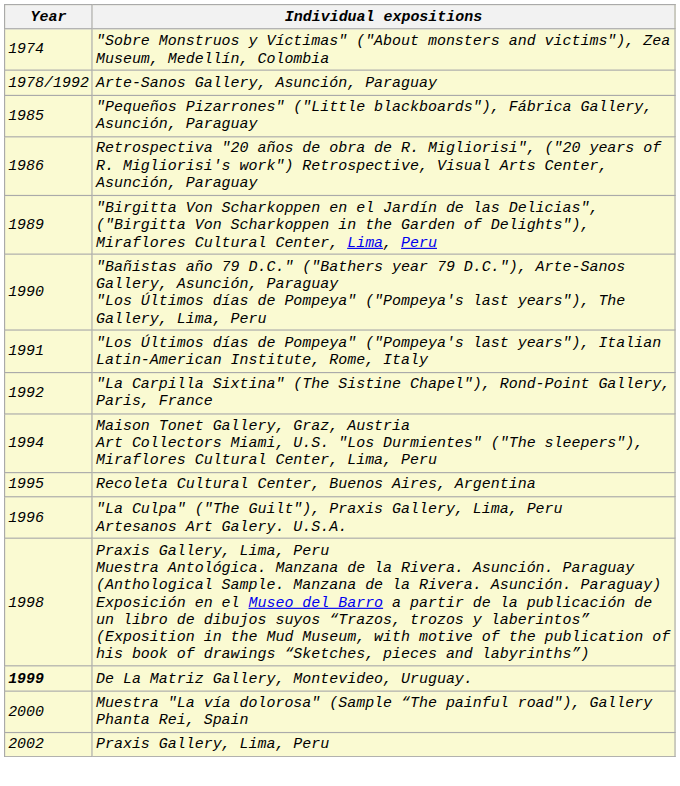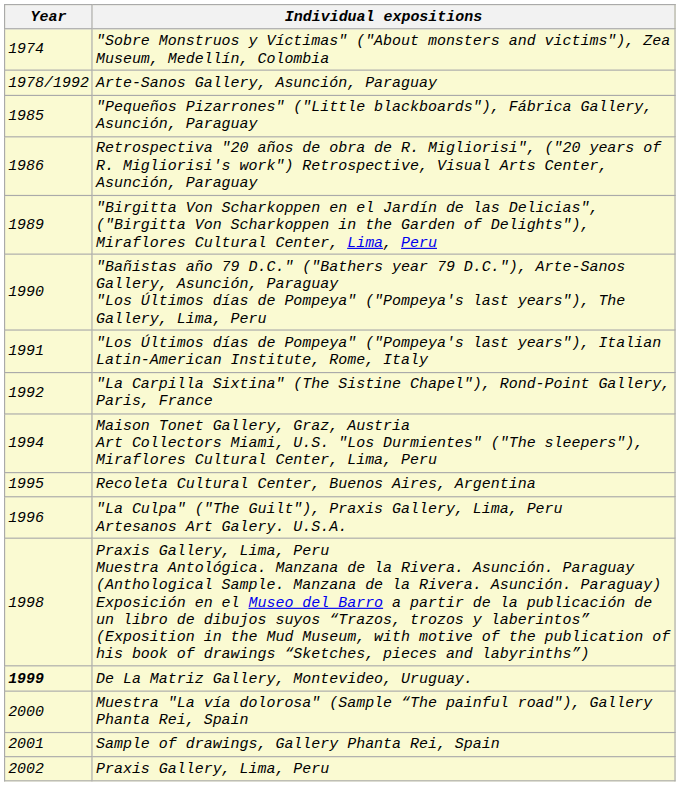 <table class="wikitable sortable"  style="font-style:italic; font-size:100%; background:#FAFAD2; color:black;">
 <tr>
 <th width=70>Year</th>
 <th width=500>Individual expositions</th>
 </tr>
 <tr>
 <td>1974</td>
 <td>"Sobre Monstruos y Víctimas" ("About monsters and victims"), Zea Museum, Medellín, Colombia</td>
 </tr>
 <tr -------->
 <td>1978/1992</td>
 <td>Arte-Sanos Gallery, Asunción, Paraguay</td>
 </tr>
 <tr -------->
 <td>1985</td>
 <td>"Pequeños Pizarrones" ("Little blackboards"), Fábrica Gallery, Asunción, Paraguay</td>
 </tr>
 <tr -------->
 <td>1986</td>
 <td>Retrospectiva "20 años de obra de R. Migliorisi", ("20 years of R. Migliorisi's work") Retrospective, Visual Arts Center, Asunción, Paraguay</td>
 </tr>
 <tr -------->
 <td>1989</td>
 <td>"Birgitta Von Scharkoppen en el Jardín de las Delicias", ("Birgitta Von Scharkoppen in the Garden of Delights"), Miraflores Cultural Center, <a href='#'>Lima</a>, <a href='#'>Peru</a></td>
 </tr>
 <tr -------->
 <td>1990</td>
 <td>"Bañistas año 79 D.C." ("Bathers year 79 D.C."), Arte-Sanos Gallery, Asunción, Paraguay<br>"Los Últimos días de Pompeya" ("Pompeya's last years"), The Gallery, Lima, Peru</td>
 </tr>
 <tr -------->
 <td>1991</td>
 <td>"Los Últimos días de Pompeya" ("Pompeya's last years"), Italian Latin-American Institute, Rome, Italy</td>
 </tr>
 <tr -------->
 <td>1992</td>
 <td>"La Carpilla Sixtina" (The Sistine Chapel"), Rond-Point Gallery, Paris, France</td>
 </tr>
 <tr -------->
 <td>1994</td>
 <td>Maison Tonet Gallery, Graz, Austria<br>Art Collectors Miami, U.S. "Los Durmientes" ("The sleepers"), Miraflores Cultural Center, Lima, Peru</td>
 </tr>
 <tr -------->
 <td>1995</td>
 <td>Recoleta Cultural Center, Buenos Aires, Argentina</td>
 </tr>
 <tr -------->
 <td>1996</td>
 <td>"La Culpa" ("The Guilt"), Praxis Gallery, Lima, Peru<br>Artesanos Art Galery. U.S.A.</td>
 </tr>
 <tr -------->
 <td>1998</td>
 <td>Praxis Gallery, Lima, Peru<br>Muestra Antológica. Manzana de la Rivera. Asunción. Paraguay (Anthological Sample. Manzana de la Rivera. Asunción. Paraguay) Exposición en el <a href='#'>Museo del Barro</a> a partir de la publicación de un libro de dibujos suyos “Trazos, trozos y laberintos” (Exposition in the Mud Museum, with motive of the publication of his book of drawings “Sketches, pieces and labyrinths”)</td>
 </tr>
 <tr -------->
 <td><strong>1999</strong></td>
 <td>De La Matriz Gallery, Montevideo, Uruguay.</td>
 </tr>
 <tr -------->
 <td>2000</td>
 <td>Muestra "La vía dolorosa" (Sample “The painful road"), Gallery Phanta Rei, Spain</td>
 </tr>
 <tr -------->
+<td>2001</td>
+<td>Sample of drawings, Gallery Phanta Rei, Spain</td>
+</tr>
+<tr -------->
 <td>2002</td>
 <td>Praxis Gallery, Lima, Peru</td>
 </tr>
 </table>
